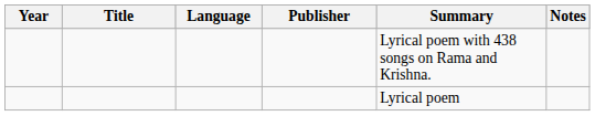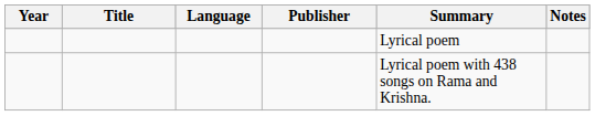 <table class="wikitable sortable" align="center" cellpadding="7" style="clear:both;" width="100%">
 <tr align="center" bgcolor="#696969">
 <th scope="col" width="10%"><div>Year</div></th>
 <th scope="col" width="20%"><div>Title</div></th>
 <th scope="col" width="15%"><div>Language</div></th>
 <th scope="col" width="20%"><div>Publisher</div></th>
 <th scope="col" class="unsortable" align="center" width="30%">Summary</th>
 <th scope="col" class="unsortable" align="center" width="5%">Notes</th>
 </tr>
 <tr valign="top">
 <td></td>
 <td></td>
 <td></td>
 <td></td>
-<td>Lyrical poem with 438 songs on Rama and Krishna.</td>
+<td>Lyrical poem</td>
 <td></td>
 </tr>
 <tr valign="top">
 <td></td>
 <td></td>
 <td></td>
 <td></td>
-<td>Lyrical poem</td>
+<td>Lyrical poem with 438 songs on Rama and Krishna.</td>
 <td></td>
 </tr>
 </table>
